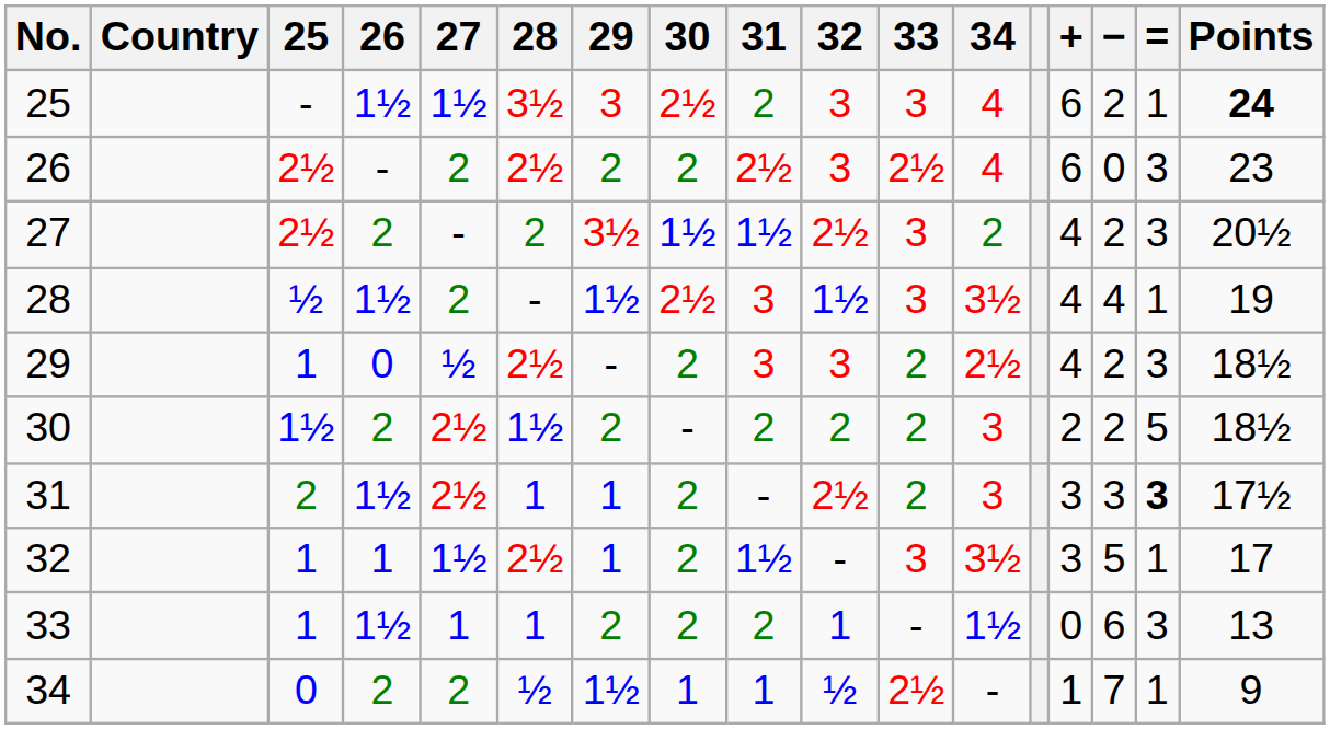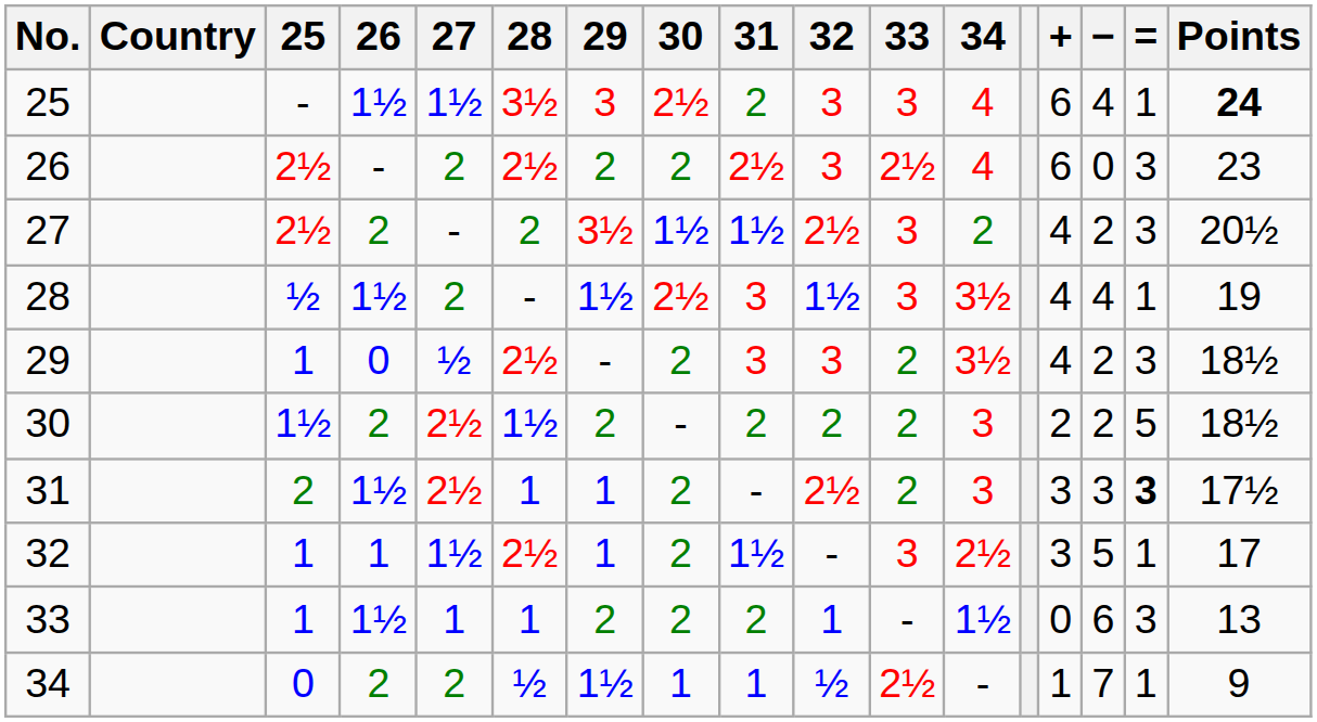 <table class="wikitable" style="text-align:center">
 <tr>
 <th>No.</th>
 <th>Country</th>
 <th>25</th>
 <th>26</th>
 <th>27</th>
 <th>28</th>
 <th>29</th>
 <th>30</th>
 <th>31</th>
 <th>32</th>
 <th>33</th>
 <th>34</th>
 <th></th>
 <th>+</th>
 <th>−</th>
 <th>=</th>
 <th>Points</th>
 </tr>
 <tr>
 <td>25</td>
 <td style="text-align: left"></td>
 <td>-</td>
 <td style="color: blue;">1½</td>
 <td style="color: blue;">1½</td>
 <td style="color: red;">3½</td>
 <td style="color: red;">3</td>
 <td style="color: red;">2½</td>
 <td style="color: green">2</td>
 <td style="color: red;">3</td>
 <td style="color: red;">3</td>
 <td style="color: red;">4</td>
 <th></th>
 <td>6</td>
-<td>2</td>
+<td>4</td>
 <td>1</td>
 <td><strong>24</strong></td>
 </tr>
 <tr>
 <td>26</td>
 <td style="text-align: left"></td>
 <td style="color: red;">2½</td>
 <td>-</td>
 <td style="color: green">2</td>
 <td style="color: red;">2½</td>
 <td style="color: green">2</td>
 <td style="color: green">2</td>
 <td style="color: red;">2½</td>
 <td style="color: red;">3</td>
 <td style="color: red;">2½</td>
 <td style="color: red;">4</td>
 <th></th>
 <td>6</td>
 <td>0</td>
 <td>3</td>
 <td>23</td>
 </tr>
 <tr>
 <td>27</td>
 <td style="text-align: left"></td>
 <td style="color: red;">2½</td>
 <td style="color: green">2</td>
 <td>-</td>
 <td style="color: green">2</td>
 <td style="color: red;">3½</td>
 <td style="color: blue;">1½</td>
 <td style="color: blue;">1½</td>
 <td style="color: red;">2½</td>
 <td style="color: red;">3</td>
 <td style="color: green">2</td>
 <th></th>
 <td>4</td>
 <td>2</td>
 <td>3</td>
 <td>20½</td>
 </tr>
 <tr>
 <td>28</td>
 <td style="text-align: left"></td>
 <td style="color: blue;">½</td>
 <td style="color: blue;">1½</td>
 <td style="color: green">2</td>
 <td>-</td>
 <td style="color: blue;">1½</td>
 <td style="color: red;">2½</td>
 <td style="color: red;">3</td>
 <td style="color: blue;">1½</td>
 <td style="color: red;">3</td>
 <td style="color: red;">3½</td>
 <th></th>
 <td>4</td>
 <td>4</td>
 <td>1</td>
 <td>19</td>
 </tr>
 <tr>
 <td>29</td>
 <td style="text-align: left"></td>
 <td style="color: blue;">1</td>
 <td style="color: blue;">0</td>
 <td style="color: blue;">½</td>
 <td style="color: red;">2½</td>
 <td>-</td>
 <td style="color: green">2</td>
 <td style="color: red;">3</td>
 <td style="color: red;">3</td>
 <td style="color: green">2</td>
-<td style="color: red;">2½</td>
+<td style="color: red;">3½</td>
 <th></th>
 <td>4</td>
 <td>2</td>
 <td>3</td>
 <td>18½</td>
 </tr>
 <tr>
 <td>30</td>
 <td style="text-align: left"></td>
 <td style="color: blue;">1½</td>
 <td style="color: green">2</td>
 <td style="color: red;">2½</td>
 <td style="color: blue;">1½</td>
 <td style="color: green">2</td>
 <td>-</td>
 <td style="color: green">2</td>
 <td style="color: green">2</td>
 <td style="color: green">2</td>
 <td style="color: red;">3</td>
 <th></th>
 <td>2</td>
 <td>2</td>
 <td>5</td>
 <td>18½</td>
 </tr>
 <tr>
 <td>31</td>
 <td style="text-align: left"></td>
 <td style="color: green">2</td>
 <td style="color: blue;">1½</td>
 <td style="color: red;">2½</td>
 <td style="color: blue;">1</td>
 <td style="color: blue;">1</td>
 <td style="color: green">2</td>
 <td>-</td>
 <td style="color: red;">2½</td>
 <td style="color: green">2</td>
 <td style="color: red;">3</td>
 <th></th>
 <td>3</td>
 <td>3</td>
 <td><strong>3</strong></td>
 <td>17½</td>
 </tr>
 <tr>
 <td>32</td>
 <td style="text-align: left"></td>
 <td style="color: blue;">1</td>
 <td style="color: blue;">1</td>
 <td style="color: blue;">1½</td>
 <td style="color: red;">2½</td>
 <td style="color: blue;">1</td>
 <td style="color: green">2</td>
 <td style="color: blue;">1½</td>
 <td>-</td>
 <td style="color: red;">3</td>
-<td style="color: red;">3½</td>
+<td style="color: red;">2½</td>
 <th></th>
 <td>3</td>
 <td>5</td>
 <td>1</td>
 <td>17</td>
 </tr>
 <tr>
 <td>33</td>
 <td style="text-align: left"></td>
 <td style="color: blue;">1</td>
 <td style="color: blue;">1½</td>
 <td style="color: blue;">1</td>
 <td style="color: blue;">1</td>
 <td style="color: green">2</td>
 <td style="color: green">2</td>
 <td style="color: green">2</td>
 <td style="color: blue;">1</td>
 <td>-</td>
 <td style="color: blue;">1½</td>
 <th></th>
 <td>0</td>
 <td>6</td>
 <td>3</td>
 <td>13</td>
 </tr>
 <tr>
 <td>34</td>
 <td style="text-align: left"></td>
 <td style="color: blue;">0</td>
 <td style="color: green">2</td>
 <td style="color: green">2</td>
 <td style="color: blue;">½</td>
 <td style="color: blue;">1½</td>
 <td style="color: blue;">1</td>
 <td style="color: blue;">1</td>
 <td style="color: blue;">½</td>
 <td style="color: red;">2½</td>
 <td>-</td>
 <th></th>
 <td>1</td>
 <td>7</td>
 <td>1</td>
 <td>9</td>
 </tr>
 </table>
